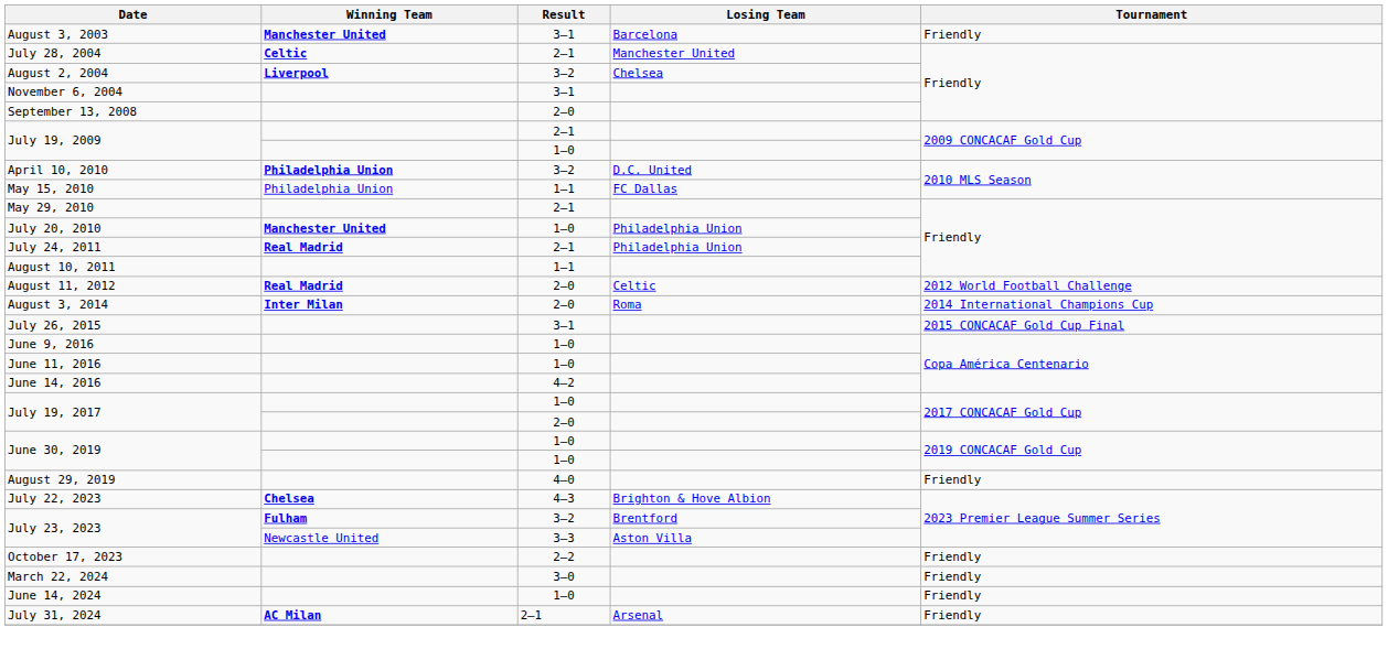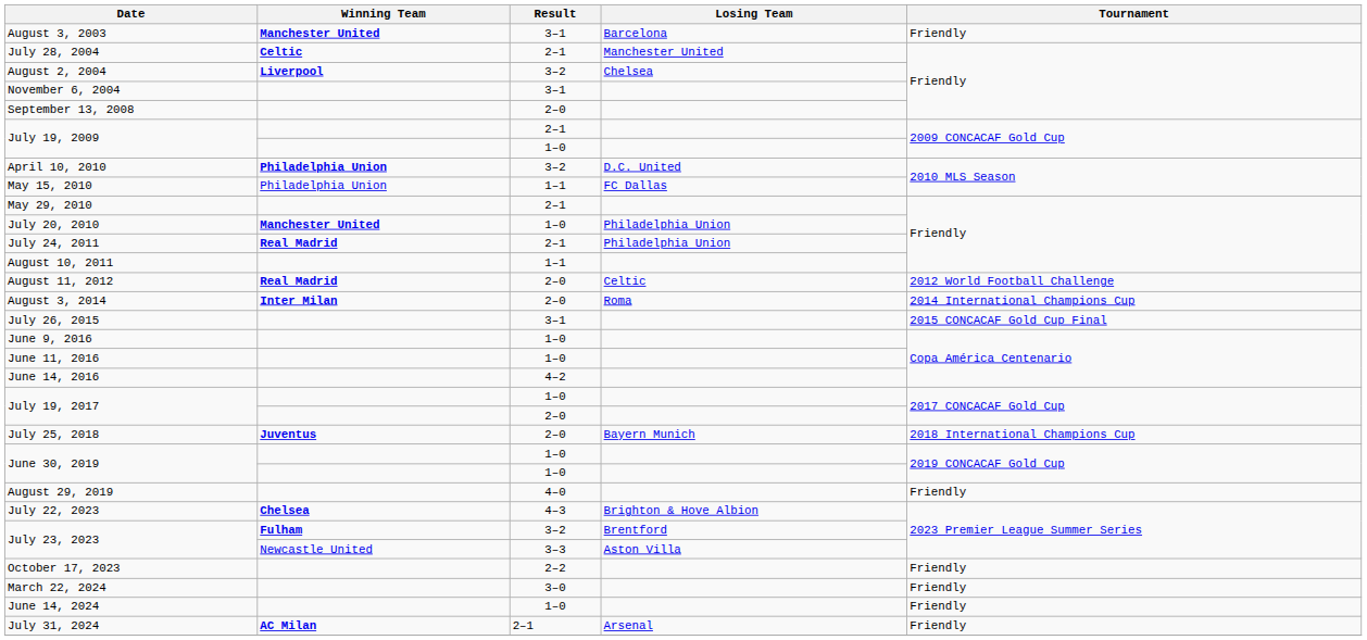 <table class="wikitable" style="text-align:left; width:95%;" style="text-align:center">
 <tr>
 <th style="text-align:center; ">Date</th>
 <th style="text-align:center; ">Winning Team</th>
 <th style="text-align:center; ">Result</th>
 <th style="text-align:center; ">Losing Team</th>
 <th style="text-align:center; ">Tournament</th>
 </tr>
 <tr>
 <td>August 3, 2003</td>
 <td> <strong><a href='#'>Manchester United</a></strong></td>
 <td style="text-align:center;">3–1</td>
 <td> <a href='#'>Barcelona</a></td>
 <td>Friendly</td>
 </tr>
 <tr>
 <td>July 28, 2004</td>
 <td> <strong><a href='#'>Celtic</a></strong></td>
 <td style="text-align:center;">2–1</td>
 <td> <a href='#'>Manchester United</a></td>
 <td rowspan = "4">Friendly</td>
 </tr>
 <tr>
 <td>August 2, 2004</td>
 <td> <strong><a href='#'>Liverpool</a></strong></td>
 <td style="text-align:center;">3–2</td>
 <td> <a href='#'>Chelsea</a></td>
 </tr>
 <tr>
 <td>November 6, 2004</td>
 <td><strong></strong></td>
 <td style="text-align:center;">3–1</td>
 <td></td>
 </tr>
 <tr>
 <td>September 13, 2008</td>
 <td><strong></strong></td>
 <td style="text-align:center;">2–0</td>
 <td></td>
 </tr>
 <tr>
 <td rowspan = "2">July 19, 2009</td>
 <td><strong></strong></td>
 <td style="text-align:center;">2–1</td>
 <td></td>
 <td rowspan = "2"><a href='#'>2009 CONCACAF Gold Cup</a></td>
 </tr>
 <tr>
 <td><strong></strong></td>
 <td style="text-align:center;">1–0</td>
 <td></td>
 </tr>
 <tr>
 <td>April 10, 2010</td>
 <td> <strong><a href='#'>Philadelphia Union</a></strong></td>
 <td style="text-align:center;">3–2</td>
 <td> <a href='#'>D.C. United</a></td>
 <td rowspan = "2"><a href='#'>2010 MLS Season</a></td>
 </tr>
 <tr>
 <td>May 15, 2010</td>
 <td> <a href='#'>Philadelphia Union</a></td>
 <td style="text-align:center;">1–1</td>
 <td> <a href='#'>FC Dallas</a></td>
 </tr>
 <tr>
 <td>May 29, 2010</td>
 <td><strong></strong></td>
 <td style="text-align:center;">2–1</td>
 <td></td>
 <td rowspan = "4">Friendly</td>
 </tr>
 <tr>
 <td>July 20, 2010</td>
 <td> <strong><a href='#'>Manchester United</a></strong></td>
 <td style="text-align:center;">1–0</td>
 <td> <a href='#'>Philadelphia Union</a></td>
 </tr>
 <tr>
 <td>July 24, 2011</td>
 <td> <strong><a href='#'>Real Madrid</a></strong></td>
 <td style="text-align:center;">2–1</td>
 <td> <a href='#'>Philadelphia Union</a></td>
 </tr>
 <tr>
 <td>August 10, 2011</td>
 <td></td>
 <td style="text-align:center;">1–1</td>
 <td></td>
 </tr>
 <tr>
 <td>August 11, 2012</td>
 <td> <strong><a href='#'>Real Madrid</a></strong></td>
 <td style="text-align:center;">2–0</td>
 <td> <a href='#'>Celtic</a></td>
 <td><a href='#'>2012 World Football Challenge</a></td>
 </tr>
 <tr>
 <td>August 3, 2014</td>
 <td> <strong><a href='#'>Inter Milan</a></strong></td>
 <td style="text-align:center;">2–0</td>
 <td> <a href='#'>Roma</a></td>
 <td><a href='#'>2014 International Champions Cup</a></td>
 </tr>
 <tr>
 <td>July 26, 2015</td>
 <td><strong></strong></td>
 <td style="text-align:center;">3–1</td>
 <td></td>
 <td><a href='#'>2015 CONCACAF Gold Cup Final</a></td>
 </tr>
 <tr>
 <td>June 9, 2016</td>
 <td><strong></strong></td>
 <td style="text-align:center;">1–0</td>
 <td></td>
 <td rowspan = "3"><a href='#'>Copa América Centenario</a></td>
 </tr>
 <tr>
 <td>June 11, 2016</td>
 <td><strong></strong></td>
 <td style="text-align:center;">1–0</td>
 <td></td>
 </tr>
 <tr>
 <td>June 14, 2016</td>
 <td><strong></strong></td>
 <td style="text-align:center;">4–2</td>
 <td></td>
 </tr>
 <tr>
 <td rowspan = "2">July 19, 2017</td>
 <td><strong></strong></td>
 <td style="text-align:center;">1–0</td>
 <td></td>
 <td rowspan = "2"><a href='#'>2017 CONCACAF Gold Cup</a></td>
 </tr>
 <tr>
 <td><strong></strong></td>
 <td style="text-align:center;">2–0</td>
 <td></td>
 </tr>
 <tr>
+<td>July 25, 2018</td>
+<td> <strong><a href='#'>Juventus</a></strong></td>
+<td style="text-align:center;">2–0</td>
+<td> <a href='#'>Bayern Munich</a></td>
+<td><a href='#'>2018 International Champions Cup</a></td>
+</tr>
+<tr>
 <td rowspan = "2">June 30, 2019</td>
 <td><strong></strong></td>
 <td style="text-align:center;">1–0</td>
 <td></td>
 <td rowspan = "2"><a href='#'>2019 CONCACAF Gold Cup</a></td>
 </tr>
 <tr>
 <td><strong></strong></td>
 <td style="text-align:center;">1–0</td>
 <td></td>
 </tr>
 <tr>
 <td>August 29, 2019</td>
 <td><strong></strong></td>
 <td style="text-align:center;">4–0</td>
 <td></td>
 <td>Friendly</td>
 </tr>
 <tr>
 <td>July 22, 2023</td>
 <td> <strong><a href='#'>Chelsea</a></strong></td>
 <td style="text-align:center;">4–3</td>
 <td> <a href='#'>Brighton & Hove Albion</a></td>
 <td rowspan="3"><a href='#'>2023 Premier League Summer Series</a></td>
 </tr>
 <tr>
 <td rowspan = "2">July 23, 2023</td>
 <td> <strong><a href='#'>Fulham</a></strong></td>
 <td style="text-align:center;">3–2</td>
 <td> <a href='#'>Brentford</a></td>
 </tr>
 <tr>
 <td> <a href='#'>Newcastle United</a></td>
 <td style="text-align:center;">3–3</td>
 <td> <a href='#'>Aston Villa</a></td>
 </tr>
 <tr>
 <td>October 17, 2023</td>
 <td></td>
 <td style="text-align:center;">2–2</td>
 <td></td>
 <td>Friendly</td>
 </tr>
 <tr>
 <td>March 22, 2024</td>
 <td><strong></strong></td>
 <td style="text-align:center;">3–0</td>
 <td></td>
 <td>Friendly</td>
 </tr>
 <tr>
 <td>June 14, 2024</td>
 <td></td>
 <td style="text-align:center;">1–0</td>
 <td></td>
 <td>Friendly</td>
 </tr>
 <tr>
 <td>July 31, 2024</td>
 <td> <strong><a href='#'>AC Milan</a></strong></td>
 <td>2–1</td>
 <td> <a href='#'>Arsenal</a></td>
 <td>Friendly</td>
 </tr>
 <tr>
 </tr>
 </table>
